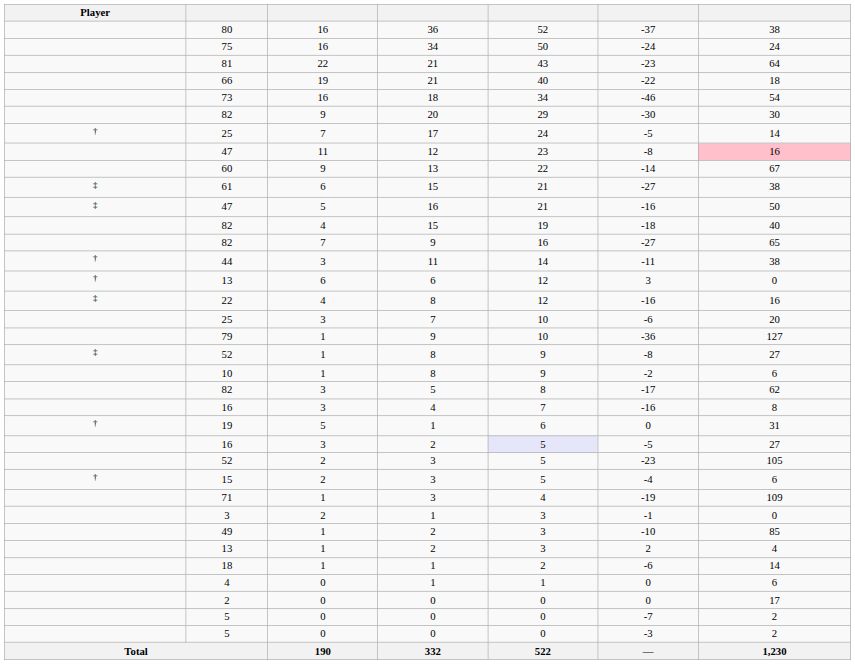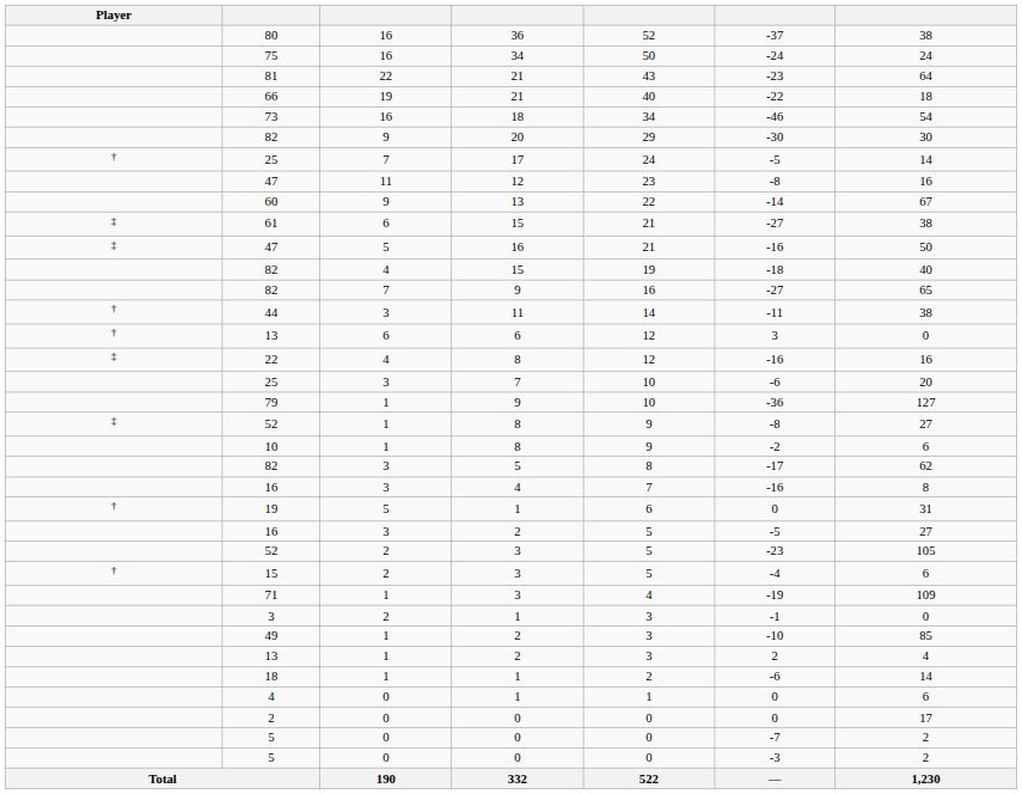 <table class="wikitable sortable" style="width:100%; text-align:center;">
 <tr align=center>
 <th>Player</th>
 <th></th>
 <th></th>
 <th></th>
 <th></th>
 <th data-sort-type="number"></th>
 <th></th>
 </tr>
 <tr>
 <td></td>
 <td>80</td>
 <td>16</td>
 <td>36</td>
 <td>52</td>
 <td>-37</td>
 <td>38</td>
 </tr>
 <tr>
 <td></td>
 <td>75</td>
 <td>16</td>
 <td>34</td>
 <td>50</td>
 <td>-24</td>
 <td>24</td>
 </tr>
 <tr>
 <td></td>
 <td>81</td>
 <td>22</td>
 <td>21</td>
 <td>43</td>
 <td>-23</td>
 <td>64</td>
 </tr>
 <tr>
 <td></td>
 <td>66</td>
 <td>19</td>
 <td>21</td>
 <td>40</td>
 <td>-22</td>
 <td>18</td>
 </tr>
 <tr>
 <td></td>
 <td>73</td>
 <td>16</td>
 <td>18</td>
 <td>34</td>
 <td>-46</td>
 <td>54</td>
 </tr>
 <tr>
 <td></td>
 <td>82</td>
 <td>9</td>
 <td>20</td>
 <td>29</td>
 <td>-30</td>
 <td>30</td>
 </tr>
 <tr>
 <td><sup>†</sup></td>
 <td>25</td>
 <td>7</td>
 <td>17</td>
 <td>24</td>
 <td>-5</td>
 <td>14</td>
 </tr>
 <tr>
 <td></td>
 <td>47</td>
 <td>11</td>
 <td>12</td>
 <td>23</td>
 <td>-8</td>
-<td style="background: pink;">16</td>
+<td>16</td>
 </tr>
 <tr>
 <td></td>
 <td>60</td>
 <td>9</td>
 <td>13</td>
 <td>22</td>
 <td>-14</td>
 <td>67</td>
 </tr>
 <tr>
 <td><sup>‡</sup></td>
 <td>61</td>
 <td>6</td>
 <td>15</td>
 <td>21</td>
 <td>-27</td>
 <td>38</td>
 </tr>
 <tr>
 <td><sup>‡</sup></td>
 <td>47</td>
 <td>5</td>
 <td>16</td>
 <td>21</td>
 <td>-16</td>
 <td>50</td>
 </tr>
 <tr>
 <td></td>
 <td>82</td>
 <td>4</td>
 <td>15</td>
 <td>19</td>
 <td>-18</td>
 <td>40</td>
 </tr>
 <tr>
 <td></td>
 <td>82</td>
 <td>7</td>
 <td>9</td>
 <td>16</td>
 <td>-27</td>
 <td>65</td>
 </tr>
 <tr>
 <td><sup>†</sup></td>
 <td>44</td>
 <td>3</td>
 <td>11</td>
 <td>14</td>
 <td>-11</td>
 <td>38</td>
 </tr>
 <tr>
 <td><sup>†</sup></td>
 <td>13</td>
 <td>6</td>
 <td>6</td>
 <td>12</td>
 <td>3</td>
 <td>0</td>
 </tr>
 <tr>
 <td><sup>‡</sup></td>
 <td>22</td>
 <td>4</td>
 <td>8</td>
 <td>12</td>
 <td>-16</td>
 <td>16</td>
 </tr>
 <tr>
 <td></td>
 <td>25</td>
 <td>3</td>
 <td>7</td>
 <td>10</td>
 <td>-6</td>
 <td>20</td>
 </tr>
 <tr>
 <td></td>
 <td>79</td>
 <td>1</td>
 <td>9</td>
 <td>10</td>
 <td>-36</td>
 <td>127</td>
 </tr>
 <tr>
 <td><sup>‡</sup></td>
 <td>52</td>
 <td>1</td>
 <td>8</td>
 <td>9</td>
 <td>-8</td>
 <td>27</td>
 </tr>
 <tr>
 <td></td>
 <td>10</td>
 <td>1</td>
 <td>8</td>
 <td>9</td>
 <td>-2</td>
 <td>6</td>
 </tr>
 <tr>
 <td></td>
 <td>82</td>
 <td>3</td>
 <td>5</td>
 <td>8</td>
 <td>-17</td>
 <td>62</td>
 </tr>
 <tr>
 <td></td>
 <td>16</td>
 <td>3</td>
 <td>4</td>
 <td>7</td>
 <td>-16</td>
 <td>8</td>
 </tr>
 <tr>
 <td><sup>†</sup></td>
 <td>19</td>
 <td>5</td>
 <td>1</td>
 <td>6</td>
 <td>0</td>
 <td>31</td>
 </tr>
 <tr>
 <td></td>
 <td>16</td>
 <td>3</td>
 <td>2</td>
-<td style="background: lavender;">5</td>
+<td>5</td>
 <td>-5</td>
 <td>27</td>
 </tr>
 <tr>
 <td></td>
 <td>52</td>
 <td>2</td>
 <td>3</td>
 <td>5</td>
 <td>-23</td>
 <td>105</td>
 </tr>
 <tr>
 <td><sup>†</sup></td>
 <td>15</td>
 <td>2</td>
 <td>3</td>
 <td>5</td>
 <td>-4</td>
 <td>6</td>
 </tr>
 <tr>
 <td></td>
 <td>71</td>
 <td>1</td>
 <td>3</td>
 <td>4</td>
 <td>-19</td>
 <td>109</td>
 </tr>
 <tr>
 <td></td>
 <td>3</td>
 <td>2</td>
 <td>1</td>
 <td>3</td>
 <td>-1</td>
 <td>0</td>
 </tr>
 <tr>
 <td></td>
 <td>49</td>
 <td>1</td>
 <td>2</td>
 <td>3</td>
 <td>-10</td>
 <td>85</td>
 </tr>
 <tr>
 <td></td>
 <td>13</td>
 <td>1</td>
 <td>2</td>
 <td>3</td>
 <td>2</td>
 <td>4</td>
 </tr>
 <tr>
 <td></td>
 <td>18</td>
 <td>1</td>
 <td>1</td>
 <td>2</td>
 <td>-6</td>
 <td>14</td>
 </tr>
 <tr>
 <td></td>
 <td>4</td>
 <td>0</td>
 <td>1</td>
 <td>1</td>
 <td>0</td>
 <td>6</td>
 </tr>
 <tr>
 <td></td>
 <td>2</td>
 <td>0</td>
 <td>0</td>
 <td>0</td>
 <td>0</td>
 <td>17</td>
 </tr>
 <tr>
 <td></td>
 <td>5</td>
 <td>0</td>
 <td>0</td>
 <td>0</td>
 <td>-7</td>
 <td>2</td>
 </tr>
 <tr>
 <td></td>
 <td>5</td>
 <td>0</td>
 <td>0</td>
 <td>0</td>
 <td>-3</td>
 <td>2</td>
 </tr>
 <tr class="sortbottom">
 <th colspan=2>Total</th>
 <th>190</th>
 <th>332</th>
 <th>522</th>
 <th>—</th>
 <th>1,230</th>
 </tr>
 </table>
